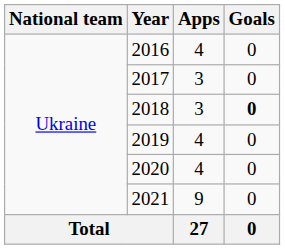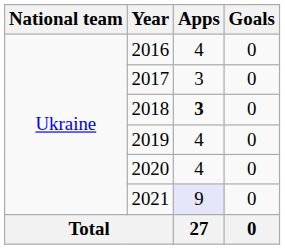 <table class="wikitable" style="text-align:center">
 <tr>
 <th>National team</th>
 <th>Year</th>
 <th>Apps</th>
 <th>Goals</th>
 </tr>
 <tr>
 <td rowspan="6"><a href='#'>Ukraine</a></td>
 <td>2016</td>
 <td>4</td>
 <td>0</td>
 </tr>
 <tr>
 <td>2017</td>
 <td>3</td>
 <td>0</td>
 </tr>
 <tr>
 <td>2018</td>
-<td>3</td>
-<td><strong>0</strong></td>
+<td><strong>3</strong></td>
+<td>0</td>
 </tr>
 <tr>
 <td>2019</td>
 <td>4</td>
 <td>0</td>
 </tr>
 <tr>
 <td>2020</td>
 <td>4</td>
 <td>0</td>
 </tr>
 <tr>
 <td>2021</td>
-<td>9</td>
+<td style="background: lavender;">9</td>
 <td>0</td>
 </tr>
 <tr>
 <th colspan="2">Total</th>
 <th>27</th>
 <th>0</th>
 </tr>
 </table>
